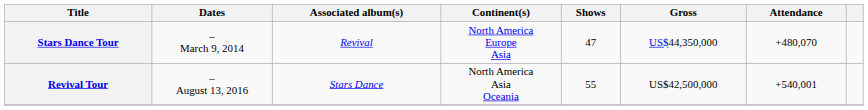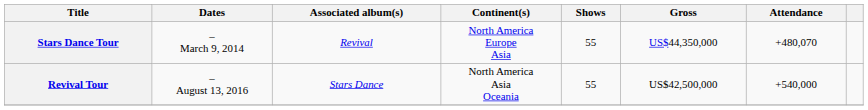 <table class="wikitable sortable plainrowheaders" style="text-align:center;" width="100%">
 <tr>
 <th scope="col">Title</th>
 <th scope="col" width="14%">Dates</th>
 <th scope="col">Associated album(s)</th>
 <th scope="col">Continent(s)</th>
 <th scope="col">Shows</th>
 <th scope="col">Gross</th>
 <th scope="col">Attendance</th>
 <th scope="col" width="2%" class="unsortable"></th>
 </tr>
 <tr>
 <th scope="row"><a href='#'>Stars Dance Tour</a></th>
 <td> –<br>March 9, 2014</td>
 <td><em><a href='#'>Revival</a></em></td>
 <td><a href='#'>North America</a><br><a href='#'>Europe</a><br><a href='#'>Asia</a></td>
-<td>47</td>
+<td>55</td>
 <td><a href='#'>US$</a>44,350,000</td>
 <td>+480,070</td>
 <td><br> <br>   </td>
 </tr>
 <tr>
 <th scope="row"><a href='#'>Revival Tour</a></th>
 <td> –<br>August 13, 2016</td>
 <td><em><a href='#'>Stars Dance</a></em></td>
 <td>North America<br>Asia<br><a href='#'>Oceania</a></td>
 <td>55</td>
 <td>US$42,500,000</td>
-<td>+540,001</td>
+<td>+540,000</td>
 <td><br>     </td>
 </tr>
 <tr>
 </tr>
 </table>
